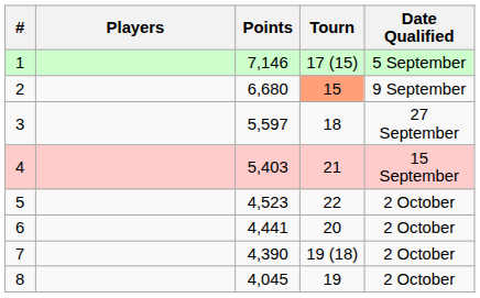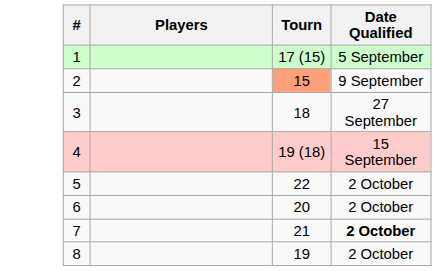 <table class="sortable wikitable"  style="float:right; text-align:center; font-size:90%; text:justify;">
 <tr>
 <th width=20>#</th>
 <th width=170>Players</th>
-<th width=50>Points</th>
 <th width=50>Tourn</th>
 <th width=90>Date Qualified</th>
 </tr>
 <tr style="background:#cfc;">
 <td>1</td>
 <td align=left></td>
-<td>7,146</td>
 <td>17 (15)</td>
 <td>5 September</td>
 </tr>
 <tr>
 <td>2</td>
 <td align=left></td>
-<td>6,680</td>
 <td style="background: lightsalmon;">15</td>
 <td>9 September</td>
 </tr>
 <tr>
 <td>3</td>
 <td align=left></td>
-<td>5,597</td>
 <td>18</td>
 <td>27 September</td>
 </tr>
 <tr style="background:#fcc;">
 <td>4</td>
 <td align=left></td>
-<td>5,403</td>
-<td>21</td>
+<td>19 (18)</td>
 <td>15 September</td>
 </tr>
 <tr>
 <td>5</td>
 <td align=left></td>
-<td>4,523</td>
 <td>22</td>
 <td>2 October</td>
 </tr>
 <tr>
 <td>6</td>
 <td align=left></td>
-<td>4,441</td>
 <td>20</td>
 <td>2 October</td>
 </tr>
 <tr>
 <td>7</td>
 <td align=left></td>
-<td>4,390</td>
-<td>19 (18)</td>
-<td>2 October</td>
+<td>21</td>
+<td><strong>2 October</strong></td>
 </tr>
 <tr>
 <td>8</td>
 <td align=left></td>
-<td>4,045</td>
 <td>19</td>
 <td>2 October</td>
 </tr>
 </table>
